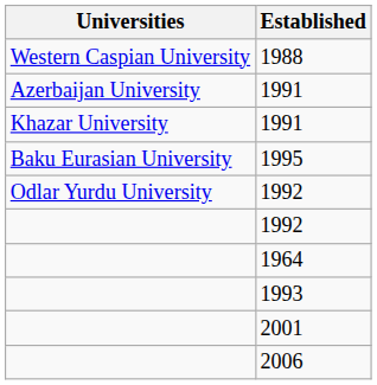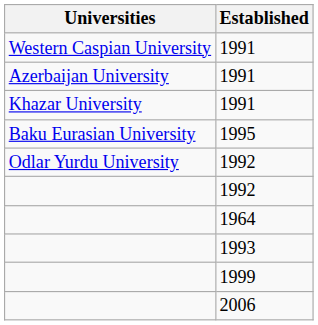 <table class="wikitable">
 <tr>
 <th>Universities</th>
 <th>Established</th>
 </tr>
 <tr>
 <td><a href='#'>Western Caspian University</a></td>
-<td>1988</td>
+<td>1991</td>
 </tr>
 <tr>
 <td><a href='#'>Azerbaijan University</a></td>
 <td>1991</td>
 </tr>
 <tr>
 <td><a href='#'>Khazar University</a></td>
 <td>1991</td>
 </tr>
 <tr>
 <td><a href='#'>Baku Eurasian University</a></td>
 <td>1995</td>
 </tr>
 <tr>
 <td><a href='#'>Odlar Yurdu University</a></td>
 <td>1992</td>
 </tr>
 <tr>
 <td></td>
 <td>1992</td>
 </tr>
 <tr>
 <td></td>
 <td>1964</td>
 </tr>
 <tr>
 <td></td>
 <td>1993</td>
 </tr>
 <tr>
 <td></td>
-<td>2001</td>
+<td>1999</td>
 </tr>
 <tr>
 <td></td>
 <td>2006</td>
 </tr>
 </table>
